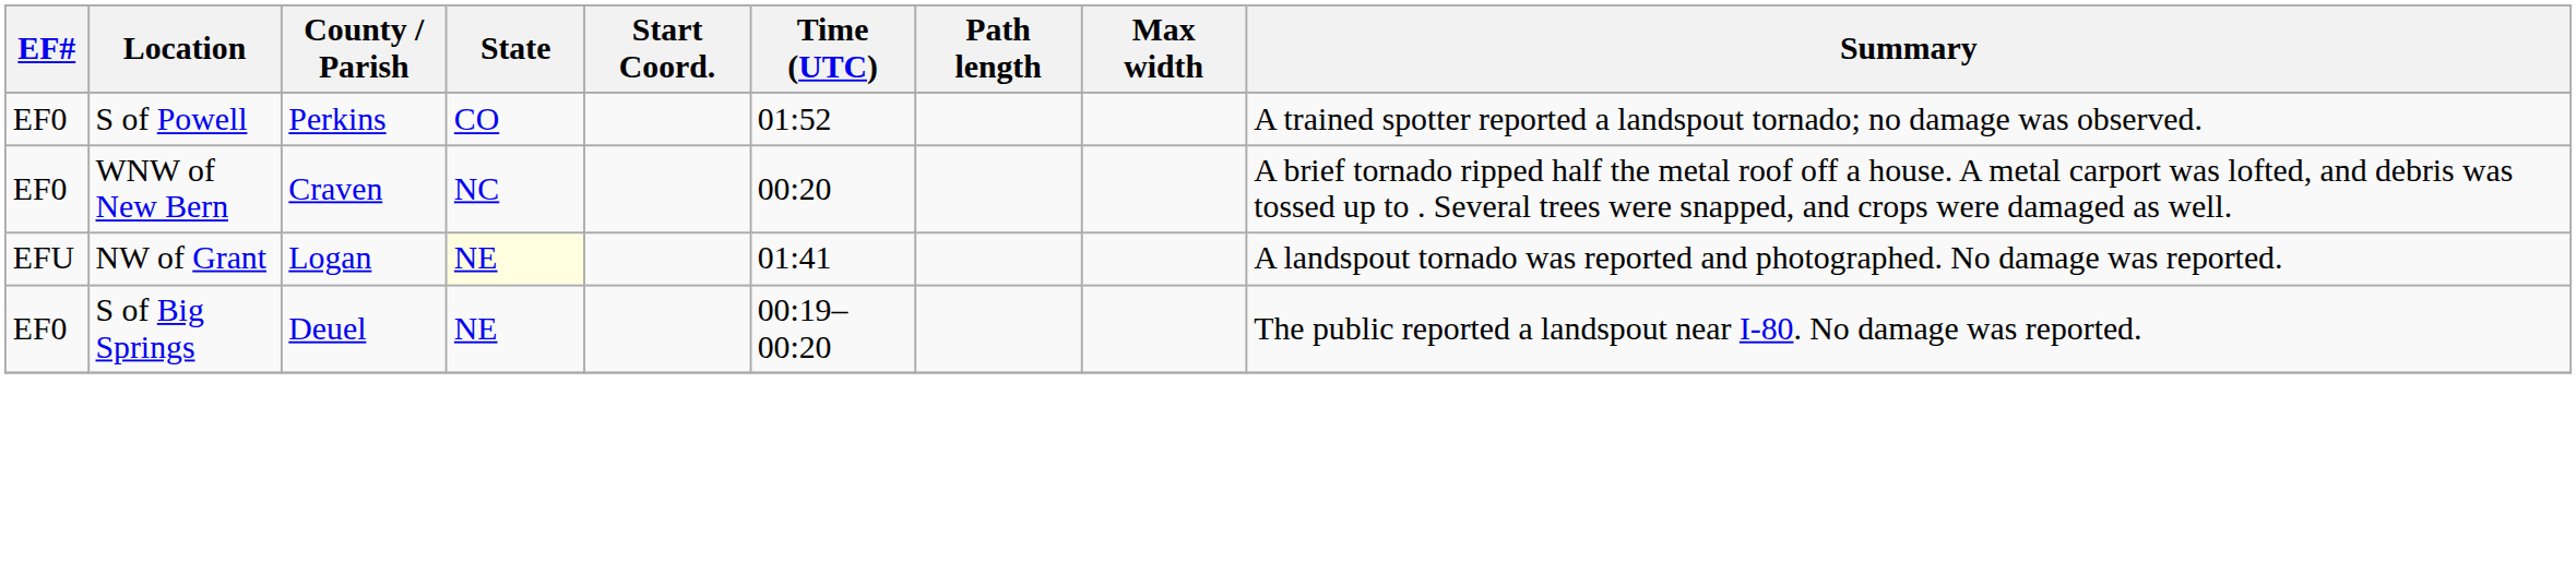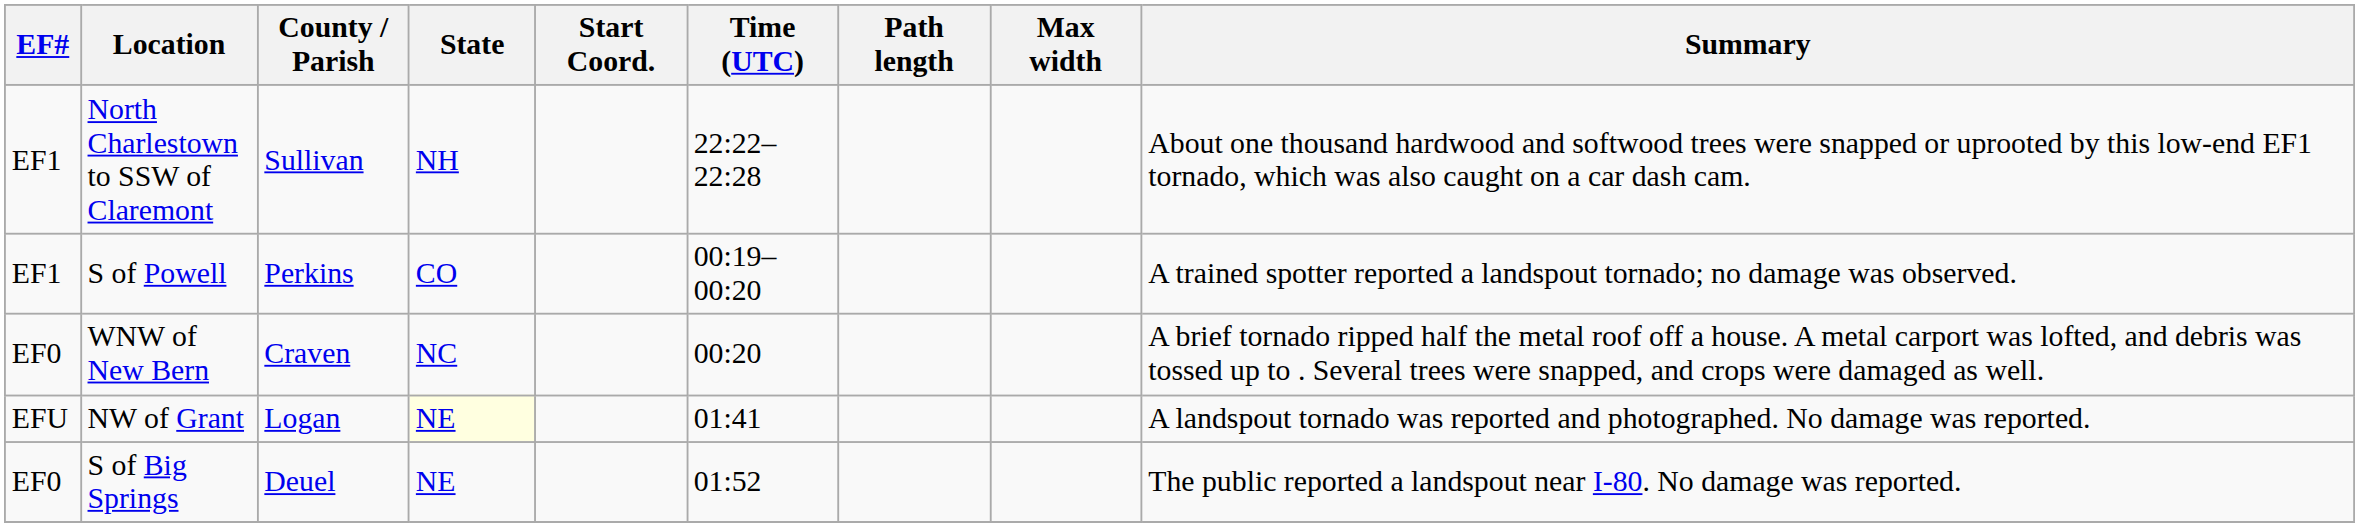 <table class="wikitable sortable" style="width:100%;">
 <tr>
 <th scope="col"  style="width:3%; text-align:center;"><a href='#'>EF#</a></th>
 <th scope="col"  style="width:7%; text-align:center;" class="unsortable">Location</th>
 <th scope="col"  style="width:6%; text-align:center;" class="unsortable">County / Parish</th>
 <th scope="col"  style="width:5%; text-align:center;">State</th>
 <th scope="col"  style="width:6%; text-align:center;">Start Coord.</th>
 <th scope="col"  style="width:6%; text-align:center;">Time (<a href='#'>UTC</a>)</th>
 <th scope="col"  style="width:6%; text-align:center;">Path length</th>
 <th scope="col"  style="width:6%; text-align:center;">Max width</th>
 <th scope="col" class="unsortable" style="width:48%; text-align:center;">Summary</th>
 </tr>
 <tr>
-<td>EF0</td>
+<td>EF1</td>
+<td><a href='#'>North Charlestown</a> to SSW of <a href='#'>Claremont</a></td>
+<td><a href='#'>Sullivan</a></td>
+<td><a href='#'>NH</a></td>
+<td></td>
+<td>22:22–22:28</td>
+<td></td>
+<td></td>
+<td>About one thousand hardwood and softwood trees were snapped or uprooted by this low-end EF1 tornado, which was also caught on a car dash cam.</td>
+</tr>
+<tr>
+<td>EF1</td>
 <td>S of <a href='#'>Powell</a></td>
 <td><a href='#'>Perkins</a></td>
 <td><a href='#'>CO</a></td>
 <td></td>
-<td>01:52</td>
+<td>00:19–00:20</td>
 <td></td>
 <td></td>
 <td>A trained spotter reported a landspout tornado; no damage was observed.</td>
 </tr>
 <tr>
 <td>EF0</td>
 <td>WNW of <a href='#'>New Bern</a></td>
 <td><a href='#'>Craven</a></td>
 <td><a href='#'>NC</a></td>
 <td></td>
 <td>00:20</td>
 <td></td>
 <td></td>
 <td>A brief tornado ripped half the metal roof off a house. A metal carport was lofted, and debris was tossed up to . Several trees were snapped, and crops were damaged as well.</td>
 </tr>
 <tr>
 <td>EFU</td>
 <td>NW of <a href='#'>Grant</a></td>
 <td><a href='#'>Logan</a></td>
 <td style="background: lightyellow;"><a href='#'>NE</a></td>
 <td></td>
 <td>01:41</td>
 <td></td>
 <td></td>
 <td>A landspout tornado was reported and photographed. No damage was reported.</td>
 </tr>
 <tr>
 <td>EF0</td>
 <td>S of <a href='#'>Big Springs</a></td>
 <td><a href='#'>Deuel</a></td>
 <td><a href='#'>NE</a></td>
 <td></td>
-<td>00:19–00:20</td>
+<td>01:52</td>
 <td></td>
 <td></td>
 <td>The public reported a landspout near <a href='#'>I-80</a>. No damage was reported.</td>
 </tr>
 <tr>
 </tr>
 </table>
